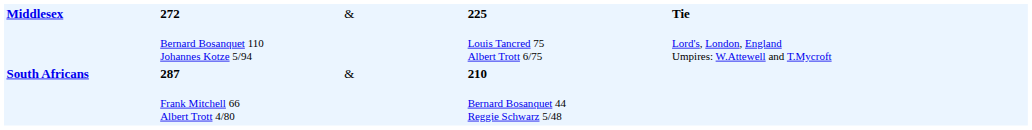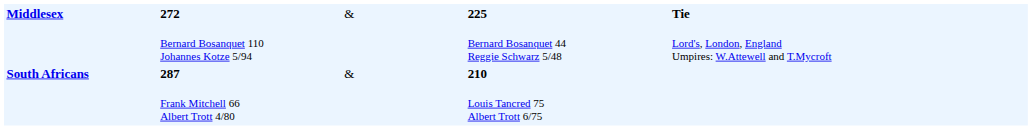 <table width="100%" style="background: #EBF5FF">
 <tr>
 <td width="15%" valign="top" rowspan="2"><strong><a href='#'>Middlesex</a></strong></td>
 <td width="18%"><strong>272</strong></td>
 <td width="12%">&</td>
 <td width="20%"><strong>225</strong></td>
 <td width="35%"><strong>Tie</strong></td>
 </tr>
 <tr>
 <td style="font-size: 85%;" valign="top"><br><a href='#'>Bernard Bosanquet</a> 110<br> <a href='#'>Johannes Kotze</a> 5/94</td>
 <td></td>
-<td valign="top" style="font-size: 85%;"><br><a href='#'>Louis Tancred</a> 75<br> <a href='#'>Albert Trott</a> 6/75</td>
+<td style="font-size: 85%;"><br><a href='#'>Bernard Bosanquet</a> 44<br> <a href='#'>Reggie Schwarz</a> 5/48</td>
 <td valign="top" style="font-size: 85%;" rowspan="3"><br><a href='#'>Lord's</a>, <a href='#'>London</a>, <a href='#'>England</a><br> Umpires: <a href='#'>W.Attewell</a> and <a href='#'>T.Mycroft</a></td>
 </tr>
 <tr>
 <td valign="top" rowspan="2"><strong><a href='#'>South Africans</a></strong></td>
 <td><strong>287</strong></td>
 <td>&</td>
 <td><strong>210</strong></td>
 </tr>
 <tr>
 <td style="font-size: 85%;"><br><a href='#'>Frank Mitchell</a> 66<br> <a href='#'>Albert Trott</a> 4/80</td>
 <td></td>
-<td style="font-size: 85%;"><br><a href='#'>Bernard Bosanquet</a> 44<br> <a href='#'>Reggie Schwarz</a> 5/48</td>
+<td valign="top" style="font-size: 85%;"><br><a href='#'>Louis Tancred</a> 75<br> <a href='#'>Albert Trott</a> 6/75</td>
 </tr>
 </table>
